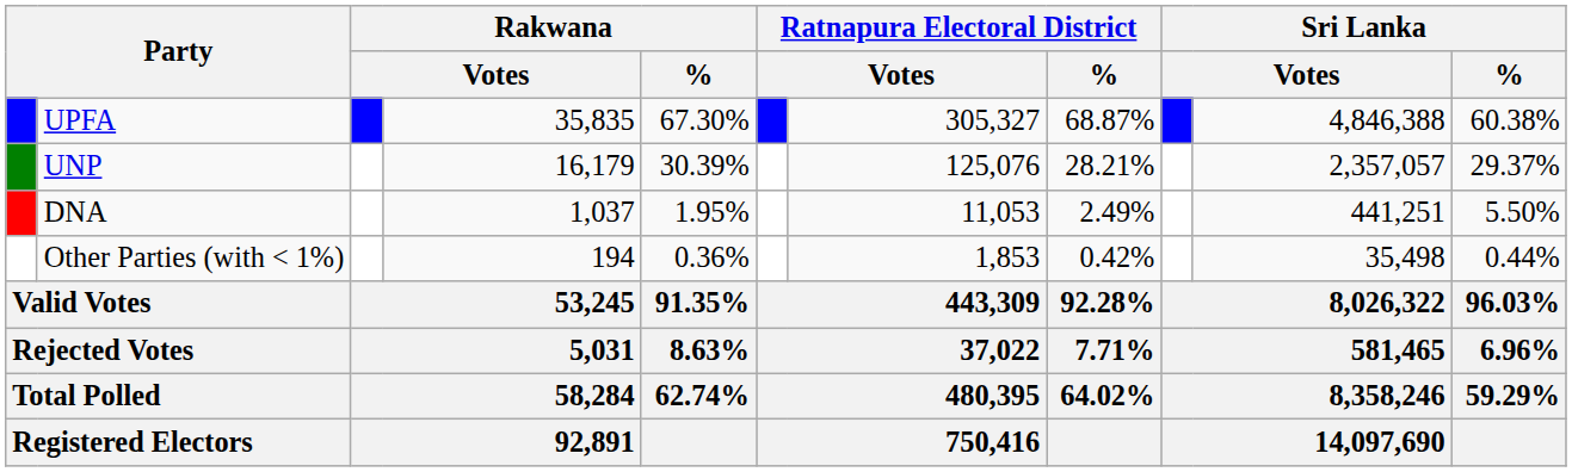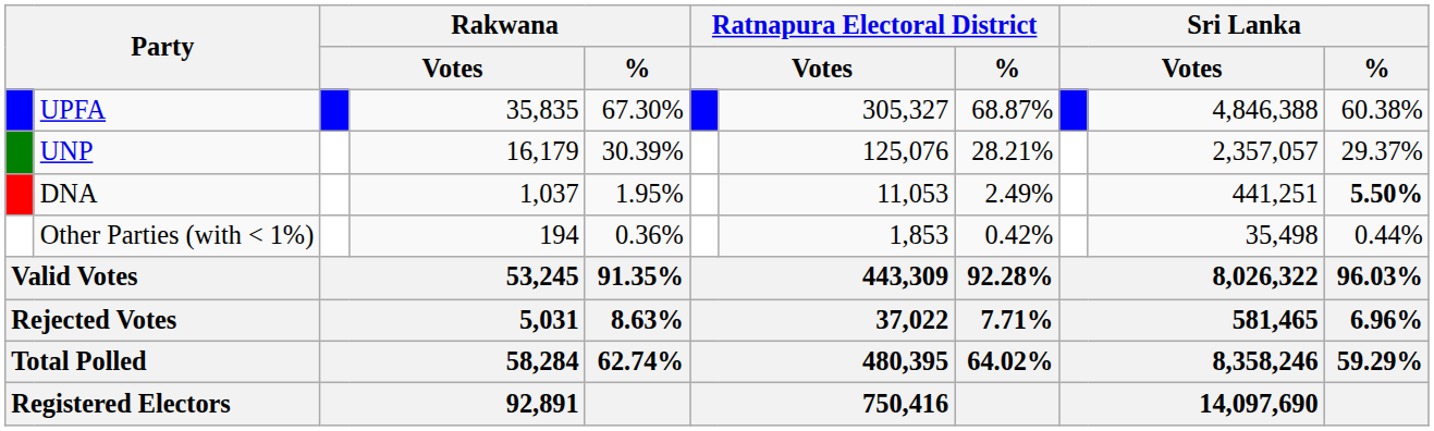 <table class="wikitable">
 <tr>
 <th colspan="2" width="144px"rowspan="2">Party</th>
 <th colspan="3" width="216px">Rakwana</th>
 <th colspan="3" width="216px"><a href='#'>Ratnapura Electoral District</a></th>
 <th colspan="3" width="216px">Sri Lanka</th>
 </tr>
 <tr>
 <th colspan="2" width="144px">Votes</th>
 <th>%</th>
 <th colspan="2" width="144px">Votes</th>
 <th>%</th>
 <th colspan="2" width="144px">Votes</th>
 <th>%</th>
 </tr>
 <tr>
 <td style="background-color:blue;" width="10px"></td>
 <td style="text-align:left;"><a href='#'>UPFA</a></td>
 <td style="background-color:blue;" width="10px"></td>
 <td style="text-align:right;">35,835</td>
 <td style="text-align:right;">67.30%</td>
 <td style="background-color:blue;" width="10px"></td>
 <td style="text-align:right;">305,327</td>
 <td style="text-align:right;">68.87%</td>
 <td style="background-color:blue;" width="10px"></td>
 <td style="text-align:right;">4,846,388</td>
 <td style="text-align:right;">60.38%</td>
 </tr>
 <tr>
 <td style="background-color:green;" width="10px"></td>
 <td style="text-align:left;"><a href='#'>UNP</a></td>
 <td style="background-color:white;" width="10px"></td>
 <td style="text-align:right;">16,179</td>
 <td style="text-align:right;">30.39%</td>
 <td style="background-color:white;" width="10px"></td>
 <td style="text-align:right;">125,076</td>
 <td style="text-align:right;">28.21%</td>
 <td style="background-color:white;" width="10px"></td>
 <td style="text-align:right;">2,357,057</td>
 <td style="text-align:right;">29.37%</td>
 </tr>
 <tr>
 <td style="background-color:red;" width="10px"></td>
 <td style="text-align:left;">DNA</td>
 <td style="background-color:white;" width="10px"></td>
 <td style="text-align:right;">1,037</td>
 <td style="text-align:right;">1.95%</td>
 <td style="background-color:white;" width="10px"></td>
 <td style="text-align:right;">11,053</td>
 <td style="text-align:right;">2.49%</td>
 <td style="background-color:white;" width="10px"></td>
 <td style="text-align:right;">441,251</td>
-<td style="text-align:right;">5.50%</td>
+<td style="text-align:right;"><strong>5.50%</strong></td>
 </tr>
 <tr>
 <td style="background-color:white;" width="10px"></td>
 <td style="text-align:left;">Other Parties (with < 1%)</td>
 <td style="background-color:white;" width="10px"></td>
 <td style="text-align:right;">194</td>
 <td style="text-align:right;">0.36%</td>
 <td style="background-color:white;" width="10px"></td>
 <td style="text-align:right;">1,853</td>
 <td style="text-align:right;">0.42%</td>
 <td style="background-color:white;" width="10px"></td>
 <td style="text-align:right;">35,498</td>
 <td style="text-align:right;">0.44%</td>
 </tr>
 <tr>
 <th colspan="2" width="144px"style="text-align:left;">Valid Votes</th>
 <th style="text-align:right;"colspan="2" width="144px">53,245</th>
 <th style="text-align:right;">91.35%</th>
 <th style="text-align:right;"colspan="2" width="144px">443,309</th>
 <th style="text-align:right;">92.28%</th>
 <th style="text-align:right;"colspan="2" width="144px">8,026,322</th>
 <th style="text-align:right;">96.03%</th>
 </tr>
 <tr>
 <th colspan="2" width="144px"style="text-align:left;">Rejected Votes</th>
 <th style="text-align:right;"colspan="2" width="144px">5,031</th>
 <th style="text-align:right;">8.63%</th>
 <th style="text-align:right;"colspan="2" width="144px">37,022</th>
 <th style="text-align:right;">7.71%</th>
 <th style="text-align:right;"colspan="2" width="144px">581,465</th>
 <th style="text-align:right;">6.96%</th>
 </tr>
 <tr>
 <th colspan="2" width="144px"style="text-align:left;">Total Polled</th>
 <th style="text-align:right;"colspan="2" width="144px">58,284</th>
 <th style="text-align:right;">62.74%</th>
 <th style="text-align:right;"colspan="2" width="144px">480,395</th>
 <th style="text-align:right;">64.02%</th>
 <th style="text-align:right;"colspan="2" width="144px">8,358,246</th>
 <th style="text-align:right;">59.29%</th>
 </tr>
 <tr>
 <th colspan="2" width="144px"style="text-align:left;">Registered Electors</th>
 <th style="text-align:right;"colspan="2" width="144px">92,891</th>
 <th></th>
 <th style="text-align:right;"colspan="2" width="144px">750,416</th>
 <th></th>
 <th style="text-align:right;"colspan="2" width="144px">14,097,690</th>
 <th></th>
 </tr>
 </table>
